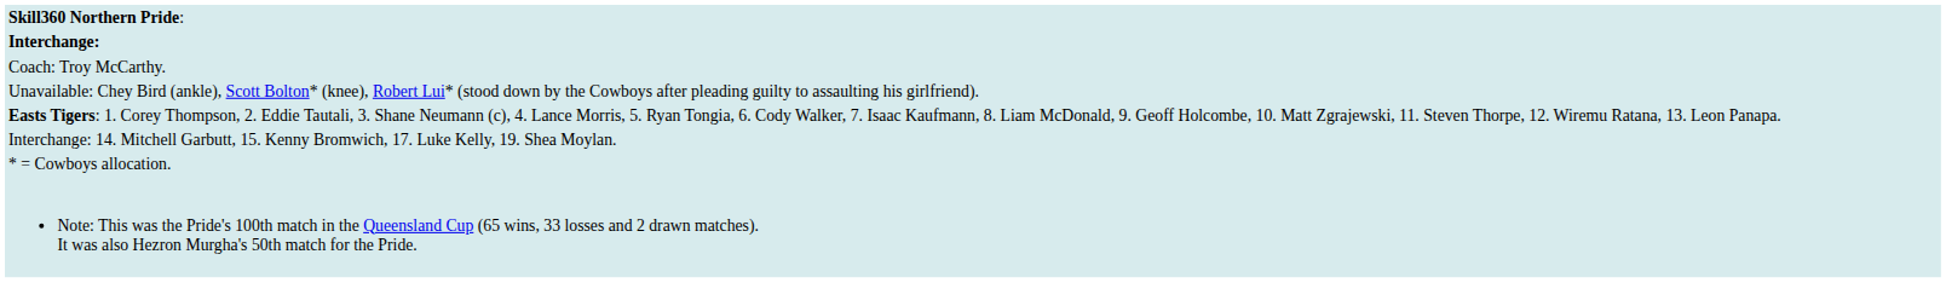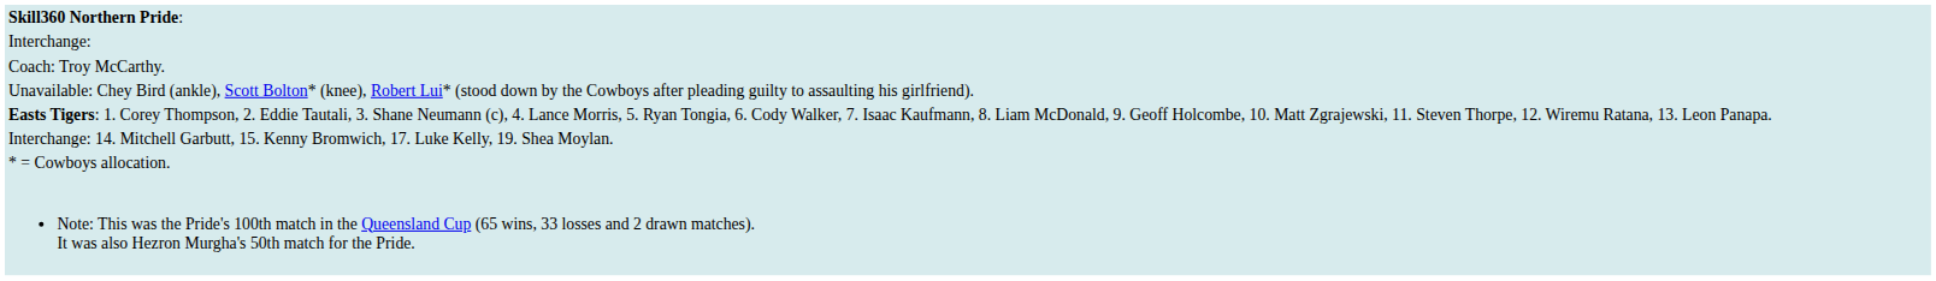 <table style="background:#d7ebed; font-size:85%; width:100%;">
 <tr>
 <td><strong>Skill360 Northern Pride</strong>:             </td>
 </tr>
 <tr>
-<td><strong>Interchange:    </strong></td>
+<td>Interchange:    </td>
 </tr>
 <tr>
 <td>Coach: Troy McCarthy.</td>
 </tr>
 <tr>
 <td>Unavailable: Chey Bird (ankle), <a href='#'>Scott Bolton</a>* (knee), <a href='#'>Robert Lui</a>* (stood down by the Cowboys after pleading guilty to assaulting his girlfriend).</td>
 </tr>
 <tr>
 <td><strong>Easts Tigers</strong>: 1. Corey Thompson, 2. Eddie Tautali, 3. Shane Neumann (c), 4. Lance Morris, 5. Ryan Tongia, 6. Cody Walker, 7. Isaac Kaufmann, 8. Liam McDonald, 9. Geoff Holcombe, 10. Matt Zgrajewski, 11. Steven Thorpe, 12. Wiremu Ratana, 13. Leon Panapa.</td>
 </tr>
 <tr>
 <td>Interchange: 14. Mitchell Garbutt, 15. Kenny Bromwich, 17. Luke Kelly, 19. Shea Moylan.</td>
 </tr>
 <tr>
 <td>* = Cowboys allocation.</td>
 </tr>
 <tr>
 <td><br><ul><li>Note: This was the Pride's 100th match in the <a href='#'>Queensland Cup</a> (65 wins, 33 losses and 2 drawn matches).<br>It was also Hezron Murgha's 50th match for the Pride.</li></ul></td>
 </tr>
 <tr>
 </tr>
 </table>
